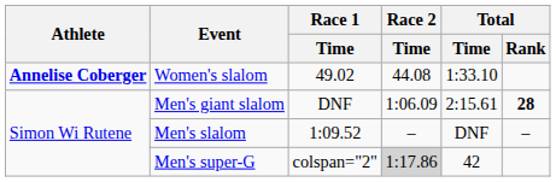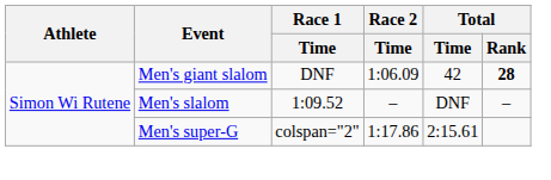 <table class="wikitable" style="font-size:90%">
 <tr>
 <th rowspan="2">Athlete</th>
 <th rowspan="2">Event</th>
 <th>Race 1</th>
 <th>Race 2</th>
 <th colspan="2">Total</th>
 </tr>
 <tr>
 <th>Time</th>
 <th>Time</th>
 <th>Time</th>
 <th>Rank</th>
 </tr>
 <tr>
-<td><strong><a href='#'>Annelise Coberger</a></strong></td>
-<td><a href='#'>Women's slalom</a></td>
-<td align="center">49.02</td>
-<td align="center">44.08</td>
-<td align="center">1:33.10</td>
-<td align="center"></td>
-</tr>
-<tr>
 <td rowspan="3"><a href='#'>Simon Wi Rutene</a></td>
 <td><a href='#'>Men's giant slalom</a></td>
 <td align="center">DNF</td>
 <td align="center">1:06.09</td>
-<td align="center">2:15.61</td>
+<td align="center">42</td>
 <td align="center"><strong>28</strong></td>
 </tr>
 <tr>
 <td><a href='#'>Men's slalom</a></td>
 <td align="center">1:09.52</td>
 <td align="center">–</td>
 <td align="center">DNF</td>
 <td align="center">–</td>
 </tr>
 <tr>
 <td><a href='#'>Men's super-G</a></td>
 <td>colspan="2" </td>
-<td align="center" style="background: lightgrey;">1:17.86</td>
-<td align="center">42</td>
+<td align="center">1:17.86</td>
+<td align="center">2:15.61</td>
 </tr>
 </table>
